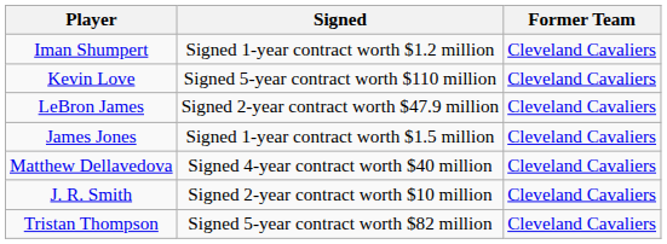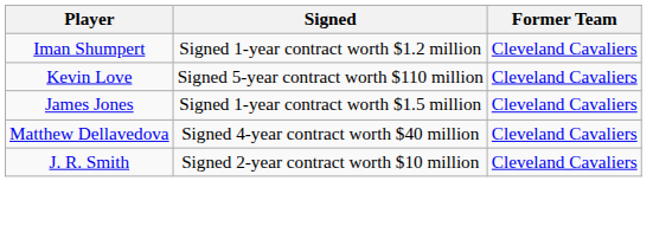 <table class="wikitable sortable sortable">
 <tr>
 <th>Player</th>
 <th>Signed</th>
 <th>Former Team</th>
 </tr>
 <tr style="text-align: center">
 <td><a href='#'>Iman Shumpert</a></td>
 <td>Signed 1-year contract worth $1.2 million</td>
 <td><a href='#'>Cleveland Cavaliers</a></td>
 </tr>
 <tr style="text-align: center">
 <td><a href='#'>Kevin Love</a></td>
 <td>Signed 5-year contract worth $110 million</td>
 <td><a href='#'>Cleveland Cavaliers</a></td>
 </tr>
 <tr style="text-align: center">
-<td><a href='#'>LeBron James</a></td>
-<td>Signed 2-year contract worth $47.9 million</td>
-<td><a href='#'>Cleveland Cavaliers</a></td>
-</tr>
-<tr style="text-align: center">
 <td><a href='#'>James Jones</a></td>
 <td>Signed 1-year contract worth $1.5 million</td>
 <td><a href='#'>Cleveland Cavaliers</a></td>
 </tr>
 <tr style="text-align: center">
 <td><a href='#'>Matthew Dellavedova</a></td>
 <td>Signed 4-year contract worth $40 million</td>
 <td><a href='#'>Cleveland Cavaliers</a></td>
 </tr>
 <tr style="text-align: center">
 <td><a href='#'>J. R. Smith</a></td>
 <td>Signed 2-year contract worth $10 million</td>
 <td><a href='#'>Cleveland Cavaliers</a></td>
 </tr>
-<tr style="text-align: center">
-<td><a href='#'>Tristan Thompson</a></td>
-<td>Signed 5-year contract worth $82 million</td>
-<td><a href='#'>Cleveland Cavaliers</a></td>
-</tr>
 </table>
